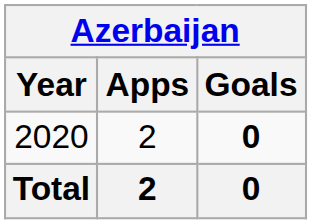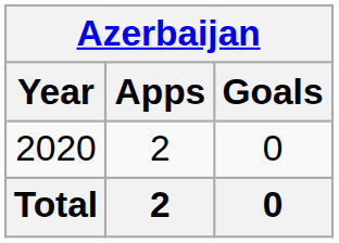 <table class="wikitable" style="text-align:center">
 <tr>
 <th colspan=4><a href='#'>Azerbaijan</a></th>
 </tr>
 <tr>
 <th>Year</th>
 <th>Apps</th>
 <th>Goals</th>
 </tr>
 <tr>
 <td>2020</td>
 <td>2</td>
-<td><strong>0</strong></td>
+<td>0</td>
 </tr>
 <tr>
 <th>Total</th>
 <th>2</th>
 <th>0</th>
 </tr>
 </table>
